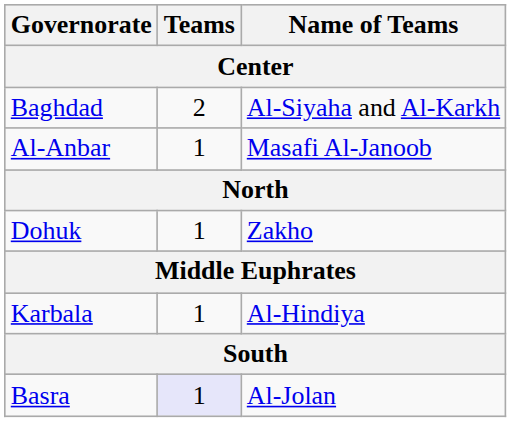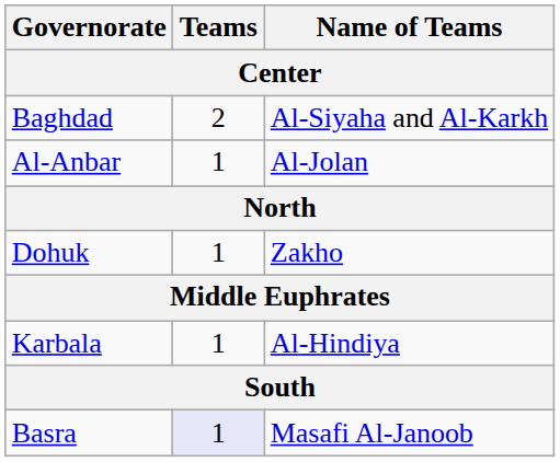 <table class="wikitable">
 <tr>
 <th>Governorate</th>
 <th>Teams</th>
 <th>Name of Teams</th>
 </tr>
 <tr>
 <th colspan = 4>Center</th>
 </tr>
 <tr>
 <td><a href='#'>Baghdad</a></td>
 <td align=center>2</td>
 <td><a href='#'>Al-Siyaha</a> and <a href='#'>Al-Karkh</a></td>
 </tr>
 <tr>
 <td><a href='#'>Al-Anbar</a></td>
 <td align=center>1</td>
-<td><a href='#'> Masafi Al-Janoob</a></td>
+<td><a href='#'>Al-Jolan</a></td>
 </tr>
 <tr>
 <th colspan = 3>North</th>
 </tr>
 <tr>
 <td><a href='#'>Dohuk</a></td>
 <td align=center>1</td>
 <td><a href='#'>Zakho</a></td>
 </tr>
 <tr>
 <th colspan = 3>Middle Euphrates</th>
 </tr>
 <tr>
 <td><a href='#'>Karbala</a></td>
 <td align=center>1</td>
 <td><a href='#'>Al-Hindiya</a></td>
 </tr>
 <tr>
 <th colspan = 3>South</th>
 </tr>
 <tr>
 <td><a href='#'>Basra</a></td>
 <td align=center style="background: lavender;">1</td>
-<td><a href='#'>Al-Jolan</a></td>
+<td><a href='#'> Masafi Al-Janoob</a></td>
 </tr>
 </table>
